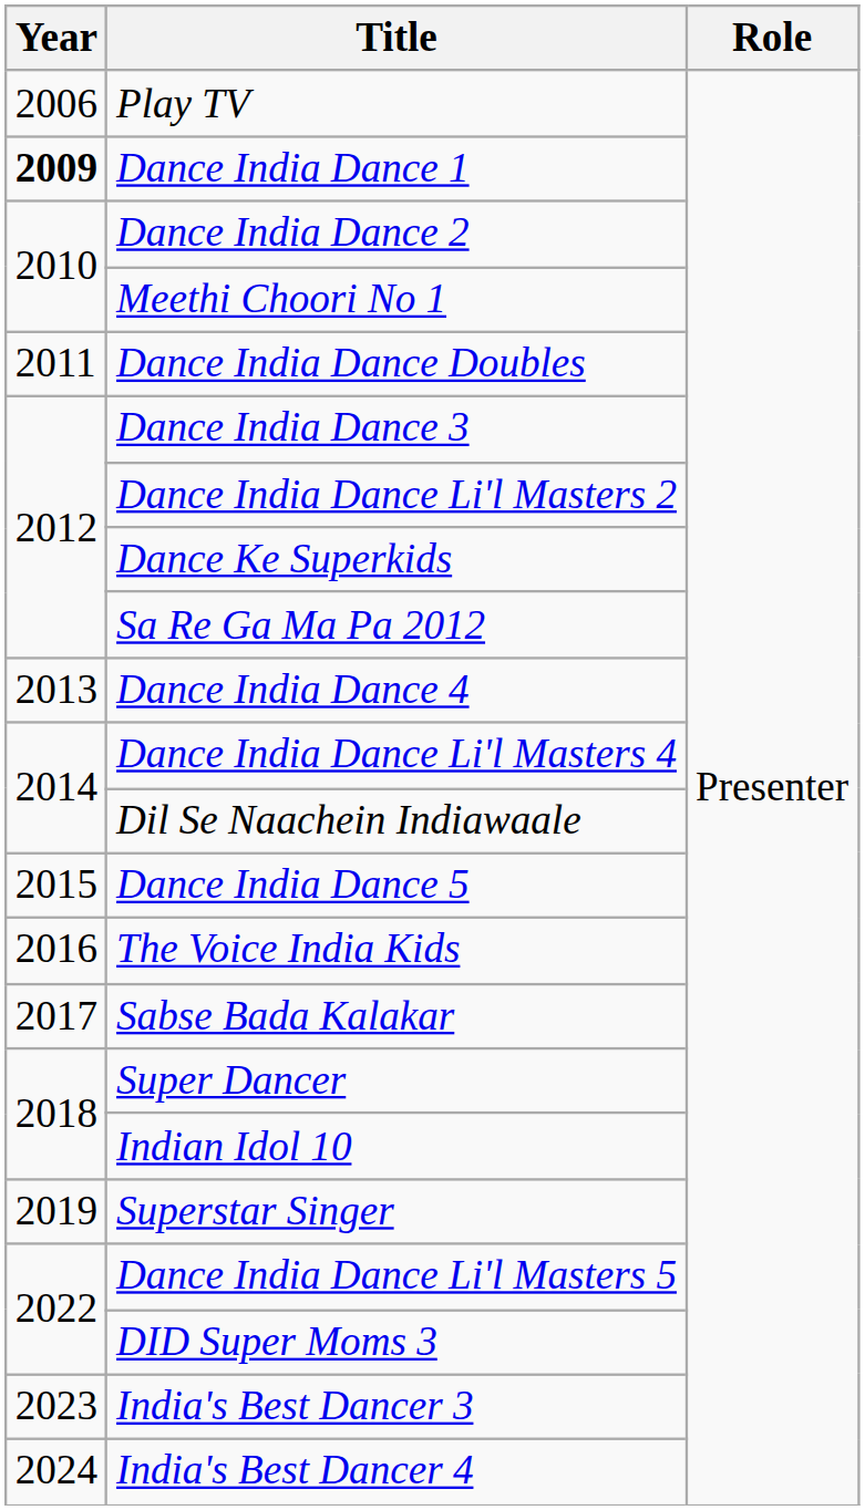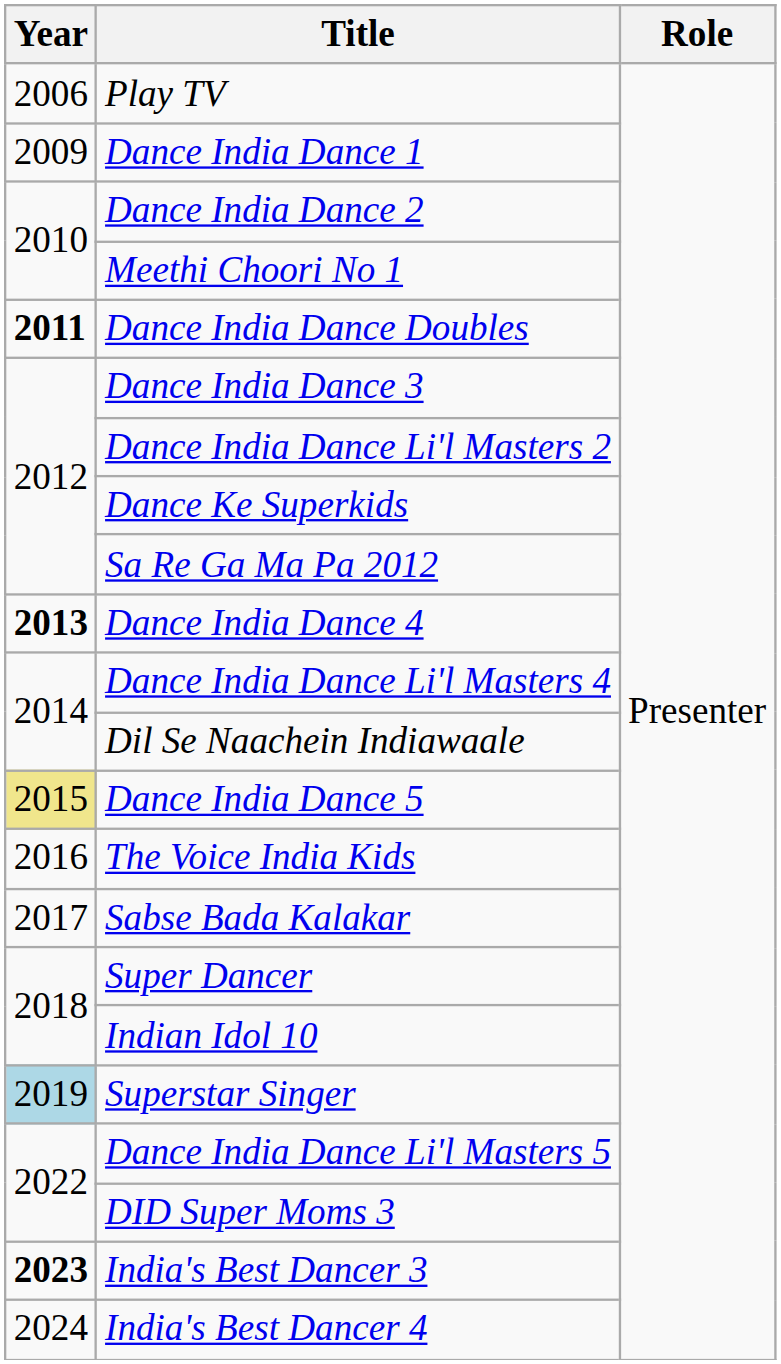 <table class="wikitable">
 <tr>
 <th>Year</th>
 <th>Title</th>
 <th>Role</th>
 </tr>
 <tr>
 <td>2006</td>
 <td><em>Play TV</em></td>
 <td rowspan="22">Presenter</td>
 </tr>
 <tr>
-<td><strong>2009</strong></td>
+<td>2009</td>
 <td><em><a href='#'>Dance India Dance 1</a></em></td>
 </tr>
 <tr>
 <td rowspan="2">2010</td>
 <td><em><a href='#'>Dance India Dance 2</a></em></td>
 </tr>
 <tr>
 <td><em><a href='#'>Meethi Choori No 1</a></em></td>
 </tr>
 <tr>
-<td>2011</td>
+<td><strong>2011</strong></td>
 <td><em><a href='#'>Dance India Dance Doubles</a></em></td>
 </tr>
 <tr>
 <td rowspan="4">2012</td>
 <td><em><a href='#'>Dance India Dance 3</a></em></td>
 </tr>
 <tr>
 <td><em><a href='#'>Dance India Dance Li'l Masters 2</a></em></td>
 </tr>
 <tr>
 <td><em><a href='#'>Dance Ke Superkids</a></em></td>
 </tr>
 <tr>
 <td><em><a href='#'>Sa Re Ga Ma Pa 2012</a></em></td>
 </tr>
 <tr>
-<td>2013</td>
+<td><strong>2013</strong></td>
 <td><em><a href='#'>Dance India Dance 4</a></em></td>
 </tr>
 <tr>
 <td rowspan="2">2014</td>
 <td><em><a href='#'>Dance India Dance Li'l Masters 4</a></em></td>
 </tr>
 <tr>
 <td><em>Dil Se Naachein Indiawaale</em></td>
 </tr>
 <tr>
-<td>2015</td>
+<td style="background: khaki;">2015</td>
 <td><em><a href='#'>Dance India Dance 5</a></em></td>
 </tr>
 <tr>
 <td>2016</td>
 <td><em><a href='#'>The Voice India Kids</a></em></td>
 </tr>
 <tr>
 <td>2017</td>
 <td><em><a href='#'>Sabse Bada Kalakar</a></em></td>
 </tr>
 <tr>
 <td rowspan="2">2018</td>
 <td><em><a href='#'>Super Dancer</a></em></td>
 </tr>
 <tr>
 <td><em><a href='#'>Indian Idol 10</a></em></td>
 </tr>
 <tr>
-<td>2019</td>
+<td style="background: lightblue;">2019</td>
 <td><em><a href='#'>Superstar Singer</a></em></td>
 </tr>
 <tr>
 <td rowspan=2>2022</td>
 <td><em><a href='#'>Dance India Dance Li'l Masters 5</a></em></td>
 </tr>
 <tr>
 <td><em><a href='#'> DID Super Moms 3</a></em></td>
 </tr>
 <tr>
-<td>2023</td>
+<td><strong>2023</strong></td>
 <td><a href='#'><em>India's Best Dancer 3</em></a></td>
 </tr>
 <tr>
 <td>2024</td>
 <td><em><a href='#'>India's Best Dancer 4</a></em></td>
 </tr>
 </table>
